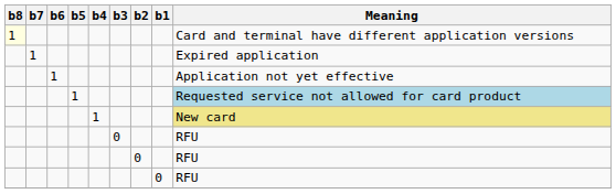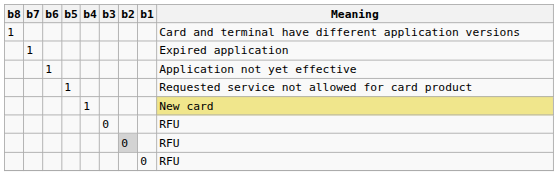 <table class="wikitable">
 <tr>
 <th>b8</th>
 <th>b7</th>
 <th>b6</th>
 <th>b5</th>
 <th>b4</th>
 <th>b3</th>
 <th>b2</th>
 <th>b1</th>
 <th width="450pt">Meaning</th>
 </tr>
 <tr>
-<td style="background: lightyellow;">1</td>
+<td>1</td>
 <td></td>
 <td></td>
 <td></td>
 <td></td>
 <td></td>
 <td></td>
 <td></td>
 <td>Card and terminal have different application versions</td>
 </tr>
 <tr>
 <td></td>
 <td>1</td>
 <td></td>
 <td></td>
 <td></td>
 <td></td>
 <td></td>
 <td></td>
 <td>Expired application</td>
 </tr>
 <tr>
 <td></td>
 <td></td>
 <td>1</td>
 <td></td>
 <td></td>
 <td></td>
 <td></td>
 <td></td>
 <td>Application not yet effective</td>
 </tr>
 <tr>
 <td></td>
 <td></td>
 <td></td>
 <td>1</td>
 <td></td>
 <td></td>
 <td></td>
 <td></td>
-<td style="background: lightblue;">Requested service not allowed for card product</td>
+<td>Requested service not allowed for card product</td>
 </tr>
 <tr>
 <td></td>
 <td></td>
 <td></td>
 <td></td>
 <td>1</td>
 <td></td>
 <td></td>
 <td></td>
 <td style="background: khaki;">New card</td>
 </tr>
 <tr>
 <td></td>
 <td></td>
 <td></td>
 <td></td>
 <td></td>
 <td>0</td>
 <td></td>
 <td></td>
 <td>RFU</td>
 </tr>
 <tr>
 <td></td>
 <td></td>
 <td></td>
 <td></td>
 <td></td>
 <td></td>
-<td>0</td>
+<td style="background: lightgrey;">0</td>
 <td></td>
 <td>RFU</td>
 </tr>
 <tr>
 <td></td>
 <td></td>
 <td></td>
 <td></td>
 <td></td>
 <td></td>
 <td></td>
 <td>0</td>
 <td>RFU</td>
 </tr>
 <tr>
 </tr>
 </table>
